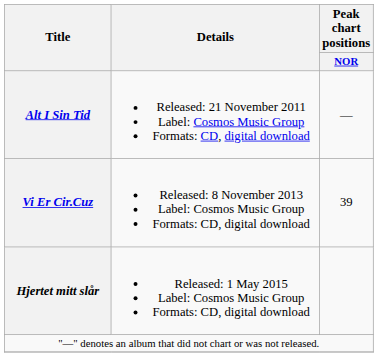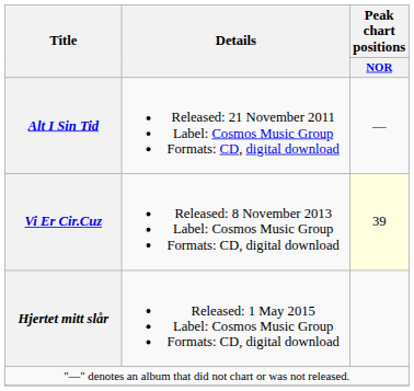 <table class="wikitable plainrowheaders" style="text-align:center;">
 <tr>
 <th scope="col" rowspan="2" style="width:8em;">Title</th>
 <th scope="col" rowspan="2" style="width:16em;">Details</th>
 <th scope="col" colspan="2">Peak chart positions</th>
 </tr>
 <tr>
 <th scope="col" style="width:3em;font-size:85%;"><a href='#'>NOR</a><br></th>
 </tr>
 <tr>
 <th scope="row"><em><a href='#'>Alt I Sin Tid</a></em></th>
 <td><br><ul><li>Released: 21 November 2011</li><li>Label: <a href='#'>Cosmos Music Group</a></li><li>Formats: <a href='#'>CD</a>, <a href='#'>digital download</a></li></ul></td>
 <td>—</td>
 </tr>
 <tr>
 <th scope="row"><em><a href='#'>Vi Er Cir.Cuz</a></em></th>
 <td><br><ul><li>Released: 8 November 2013</li><li>Label: Cosmos Music Group</li><li>Formats: CD, digital download</li></ul></td>
-<td>39</td>
+<td style="background: lightyellow;">39</td>
 </tr>
 <tr>
 <th scope="row"><em>Hjertet mitt slår</em></th>
 <td><br><ul><li>Released: 1 May 2015</li><li>Label: Cosmos Music Group</li><li>Formats: CD, digital download</li></ul></td>
 <td></td>
 </tr>
 <tr>
 <td colspan="14" style="font-size:85%">"—" denotes an album that did not chart or was not released.</td>
 </tr>
 <tr>
 </tr>
 </table>
